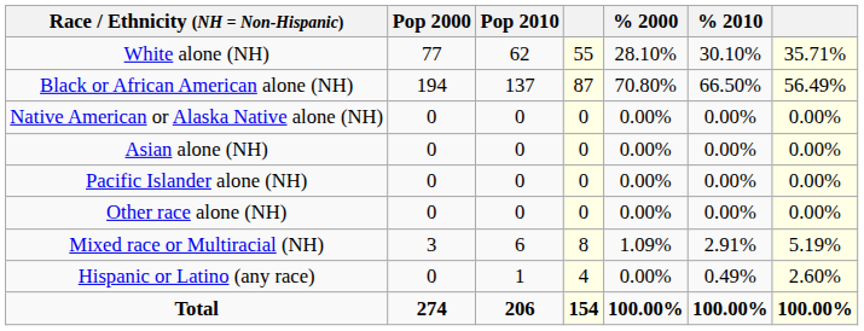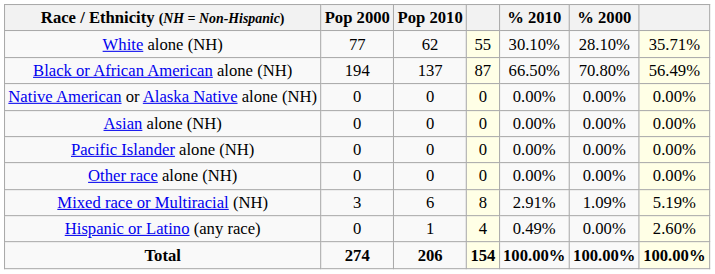 <table class="wikitable" style="text-align:center;">
 <tr>
 <th>Race / Ethnicity <small>(<em>NH = Non-Hispanic</em>)</small></th>
 <th>Pop 2000</th>
 <th>Pop 2010</th>
 <th></th>
+<th>% 2010</th>
 <th>% 2000</th>
-<th>% 2010</th>
 <th></th>
 </tr>
 <tr>
 <td><a href='#'>White</a> alone (NH)</td>
 <td>77</td>
 <td>62</td>
 <td style='background: #ffffe6;'>55</td>
+<td>30.10%</td>
 <td>28.10%</td>
-<td>30.10%</td>
 <td style='background: #ffffe6;'>35.71%</td>
 </tr>
 <tr>
 <td><a href='#'>Black or African American</a> alone (NH)</td>
 <td>194</td>
 <td>137</td>
 <td style='background: #ffffe6;'>87</td>
+<td>66.50%</td>
 <td>70.80%</td>
-<td>66.50%</td>
 <td style='background: #ffffe6;'>56.49%</td>
 </tr>
 <tr>
 <td><a href='#'>Native American</a> or <a href='#'>Alaska Native</a> alone (NH)</td>
 <td>0</td>
 <td>0</td>
 <td style='background: #ffffe6;'>0</td>
 <td>0.00%</td>
 <td>0.00%</td>
 <td style='background: #ffffe6;'>0.00%</td>
 </tr>
 <tr>
 <td><a href='#'>Asian</a> alone (NH)</td>
 <td>0</td>
 <td>0</td>
 <td style='background: #ffffe6;'>0</td>
 <td>0.00%</td>
 <td>0.00%</td>
 <td style='background: #ffffe6;'>0.00%</td>
 </tr>
 <tr>
 <td><a href='#'>Pacific Islander</a> alone (NH)</td>
 <td>0</td>
 <td>0</td>
 <td style='background: #ffffe6;'>0</td>
 <td>0.00%</td>
 <td>0.00%</td>
 <td style='background: #ffffe6;'>0.00%</td>
 </tr>
 <tr>
 <td><a href='#'>Other race</a> alone (NH)</td>
 <td>0</td>
 <td>0</td>
 <td style='background: #ffffe6;'>0</td>
 <td>0.00%</td>
 <td>0.00%</td>
 <td style='background: #ffffe6;'>0.00%</td>
 </tr>
 <tr>
 <td><a href='#'>Mixed race or Multiracial</a> (NH)</td>
 <td>3</td>
 <td>6</td>
 <td style='background: #ffffe6;'>8</td>
+<td>2.91%</td>
 <td>1.09%</td>
-<td>2.91%</td>
 <td style='background: #ffffe6;'>5.19%</td>
 </tr>
 <tr>
 <td><a href='#'>Hispanic or Latino</a> (any race)</td>
 <td>0</td>
 <td>1</td>
 <td style='background: #ffffe6;'>4</td>
+<td>0.49%</td>
 <td>0.00%</td>
-<td>0.49%</td>
 <td style='background: #ffffe6;'>2.60%</td>
 </tr>
 <tr>
 <td><strong>Total</strong></td>
 <td><strong>274</strong></td>
 <td><strong>206</strong></td>
 <td style='background: #ffffe6;'><strong>154</strong></td>
 <td><strong>100.00%</strong></td>
 <td><strong>100.00%</strong></td>
 <td style='background: #ffffe6;'><strong>100.00%</strong></td>
 </tr>
 </table>
